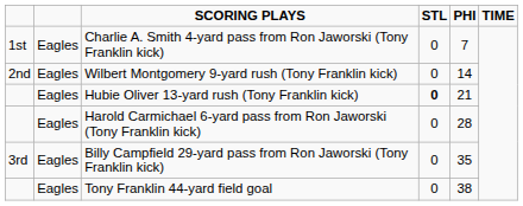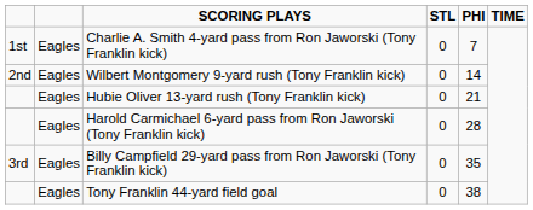 <table class="wikitable">
 <tr align="center">
 <td></td>
 <td></td>
 <td><strong>SCORING PLAYS</strong></td>
 <td><strong>STL</strong></td>
 <td><strong>PHI</strong></td>
 <td><strong>TIME</strong></td>
 </tr>
 <tr>
 <td>1st</td>
 <td>Eagles</td>
 <td>Charlie A. Smith 4-yard pass from Ron Jaworski (Tony Franklin kick)</td>
 <td align="center">0</td>
 <td align="center">7</td>
 </tr>
 <tr>
 <td>2nd</td>
 <td>Eagles</td>
 <td>Wilbert Montgomery 9-yard rush (Tony Franklin kick)</td>
 <td align="center">0</td>
 <td align="center">14</td>
 </tr>
 <tr>
 <td></td>
 <td>Eagles</td>
 <td>Hubie Oliver 13-yard rush (Tony Franklin kick)</td>
-<td align="center"><strong>0</strong></td>
+<td align="center">0</td>
 <td align="center">21</td>
 </tr>
 <tr>
 <td></td>
 <td>Eagles</td>
 <td>Harold Carmichael 6-yard pass from Ron Jaworski (Tony Franklin kick)</td>
 <td align="center">0</td>
 <td align="center">28</td>
 </tr>
 <tr>
 <td>3rd</td>
 <td>Eagles</td>
 <td>Billy Campfield 29-yard pass from Ron Jaworski (Tony Franklin kick)</td>
 <td align="center">0</td>
 <td align="center">35</td>
 </tr>
 <tr>
 <td></td>
 <td>Eagles</td>
 <td>Tony Franklin 44-yard field goal</td>
 <td align="center">0</td>
 <td align="center">38</td>
 </tr>
 </table>
